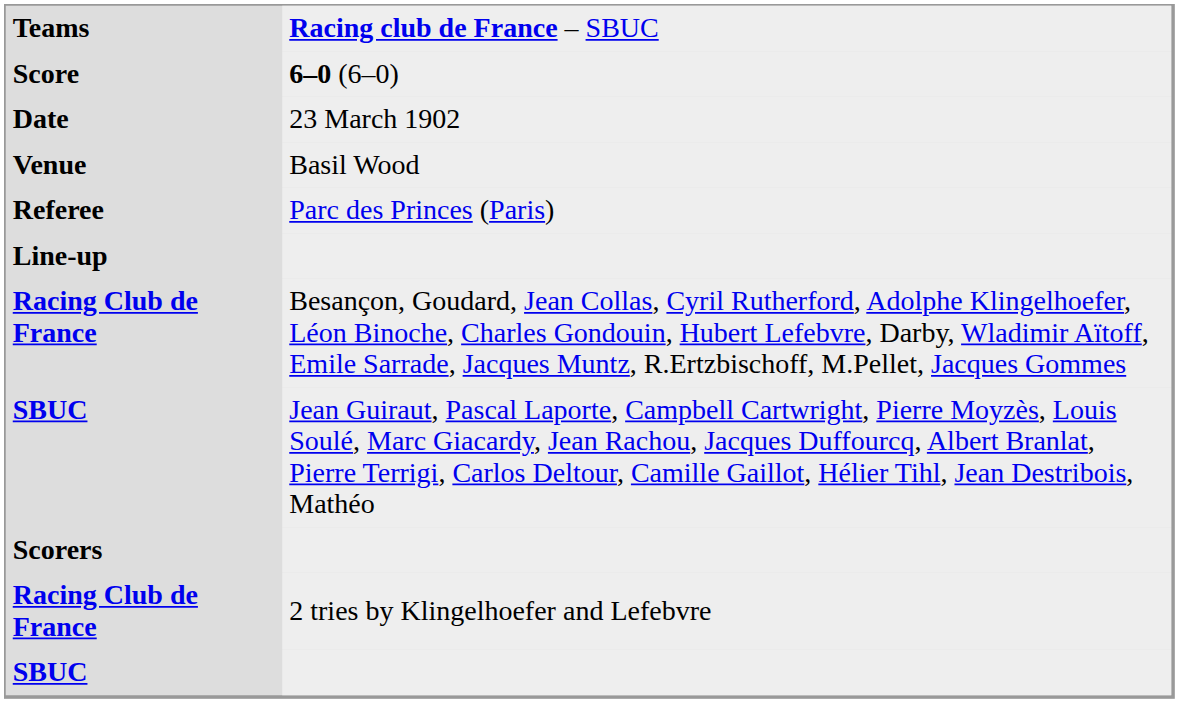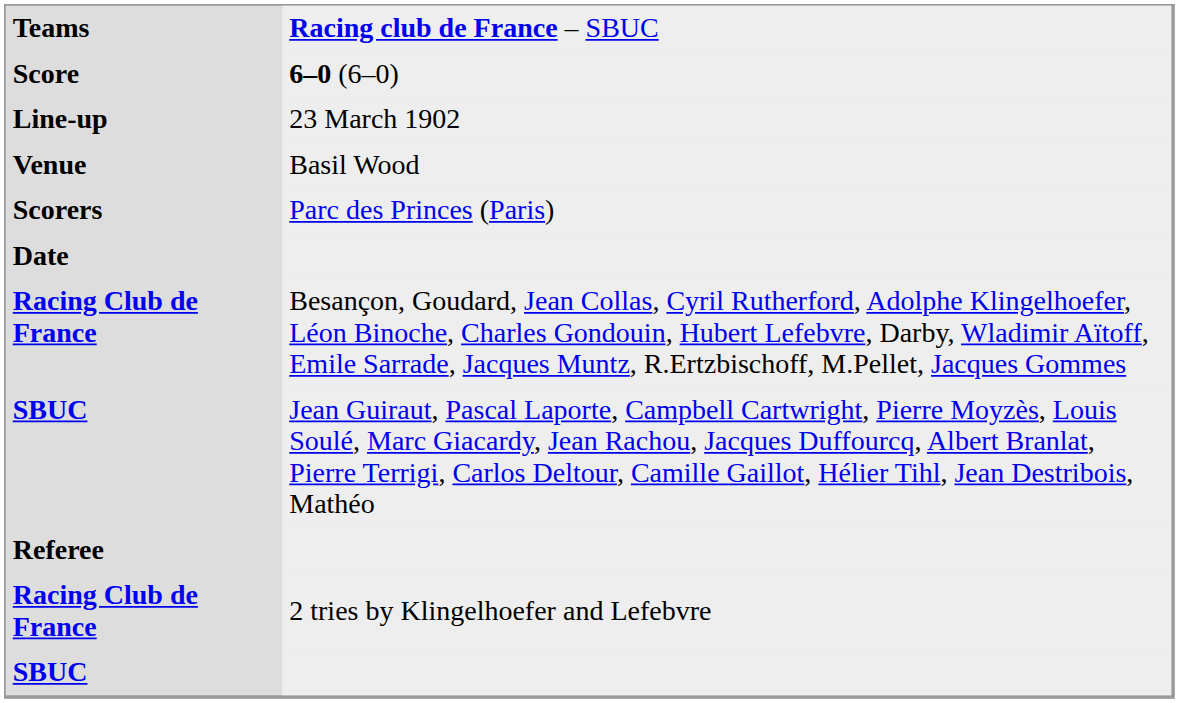 <table align="left" cellpadding="4" cellspacing="0"  style="margin: 0 0 0 0; border: 1px solid #999; border-right-width: 2px; border-bottom-width: 2px; background-color: #DDDDDD">
 <tr>
 <td width="150" valign="top"><strong>Teams</strong></td>
 <td width="500" bgcolor=#EEEEEE><strong><a href='#'>Racing club de France</a></strong> – <a href='#'>SBUC</a></td>
 </tr>
 <tr>
 <td valign="top"><strong>Score</strong></td>
 <td bgcolor=#EEEEEE><strong>6–0</strong> (6–0)</td>
 </tr>
 <tr>
-<td valign="top"><strong>Date</strong></td>
+<td valign="top"><strong>Line-up</strong></td>
 <td bgcolor=#EEEEEE>23 March 1902</td>
 </tr>
 <tr>
 <td valign="top"><strong>Venue</strong></td>
 <td bgcolor=#EEEEEE>Basil Wood </td>
 </tr>
 <tr>
-<td valign="top"><strong>Referee</strong></td>
+<td valign="top"><strong>Scorers</strong></td>
 <td bgcolor=#EEEEEE><a href='#'>Parc des Princes</a> (<a href='#'>Paris</a>)  </td>
 </tr>
 <tr>
-<td valign="top"><strong>Line-up</strong></td>
+<td valign="top"><strong>Date</strong></td>
 <td bgcolor=#EEEEEE></td>
 </tr>
 <tr>
 <td valign="top"><strong><a href='#'>Racing Club de France</a> </strong></td>
 <td bgcolor=#EEEEEE>Besançon, Goudard, <a href='#'>Jean Collas</a>, <a href='#'>Cyril Rutherford</a>, <a href='#'>Adolphe Klingelhoefer</a>, <a href='#'>Léon Binoche</a>, <a href='#'>Charles Gondouin</a>, <a href='#'>Hubert Lefebvre</a>, Darby, <a href='#'>Wladimir Aïtoff</a>, <a href='#'>Emile Sarrade</a>, <a href='#'>Jacques Muntz</a>, R.Ertzbischoff, M.Pellet, <a href='#'>Jacques Gommes</a></td>
 </tr>
 <tr>
 <td valign="top"><strong><a href='#'>SBUC</a> </strong></td>
 <td bgcolor=#EEEEEE><a href='#'>Jean Guiraut</a>, <a href='#'>Pascal Laporte</a>, <a href='#'>Campbell Cartwright</a>, <a href='#'>Pierre Moyzès</a>, <a href='#'>Louis Soulé</a>, <a href='#'>Marc Giacardy</a>, <a href='#'>Jean Rachou</a>, <a href='#'>Jacques Duffourcq</a>, <a href='#'>Albert Branlat</a>, <a href='#'>Pierre Terrigi</a>, <a href='#'>Carlos Deltour</a>, <a href='#'>Camille Gaillot</a>, <a href='#'>Hélier Tihl</a>, <a href='#'>Jean Destribois</a>, Mathéo</td>
 </tr>
 <tr>
-<td valign="top"><strong>Scorers</strong></td>
+<td valign="top"><strong>Referee</strong></td>
 <td bgcolor=#EEEEEE></td>
 </tr>
 <tr>
 <td valign="top"><strong><a href='#'>Racing Club de France</a> </strong></td>
 <td bgcolor=#EEEEEE>2 tries by Klingelhoefer and Lefebvre</td>
 </tr>
 <tr>
 <td valign="top"><strong><a href='#'>SBUC</a></strong></td>
 <td bgcolor=#EEEEEE></td>
 </tr>
 </table>
